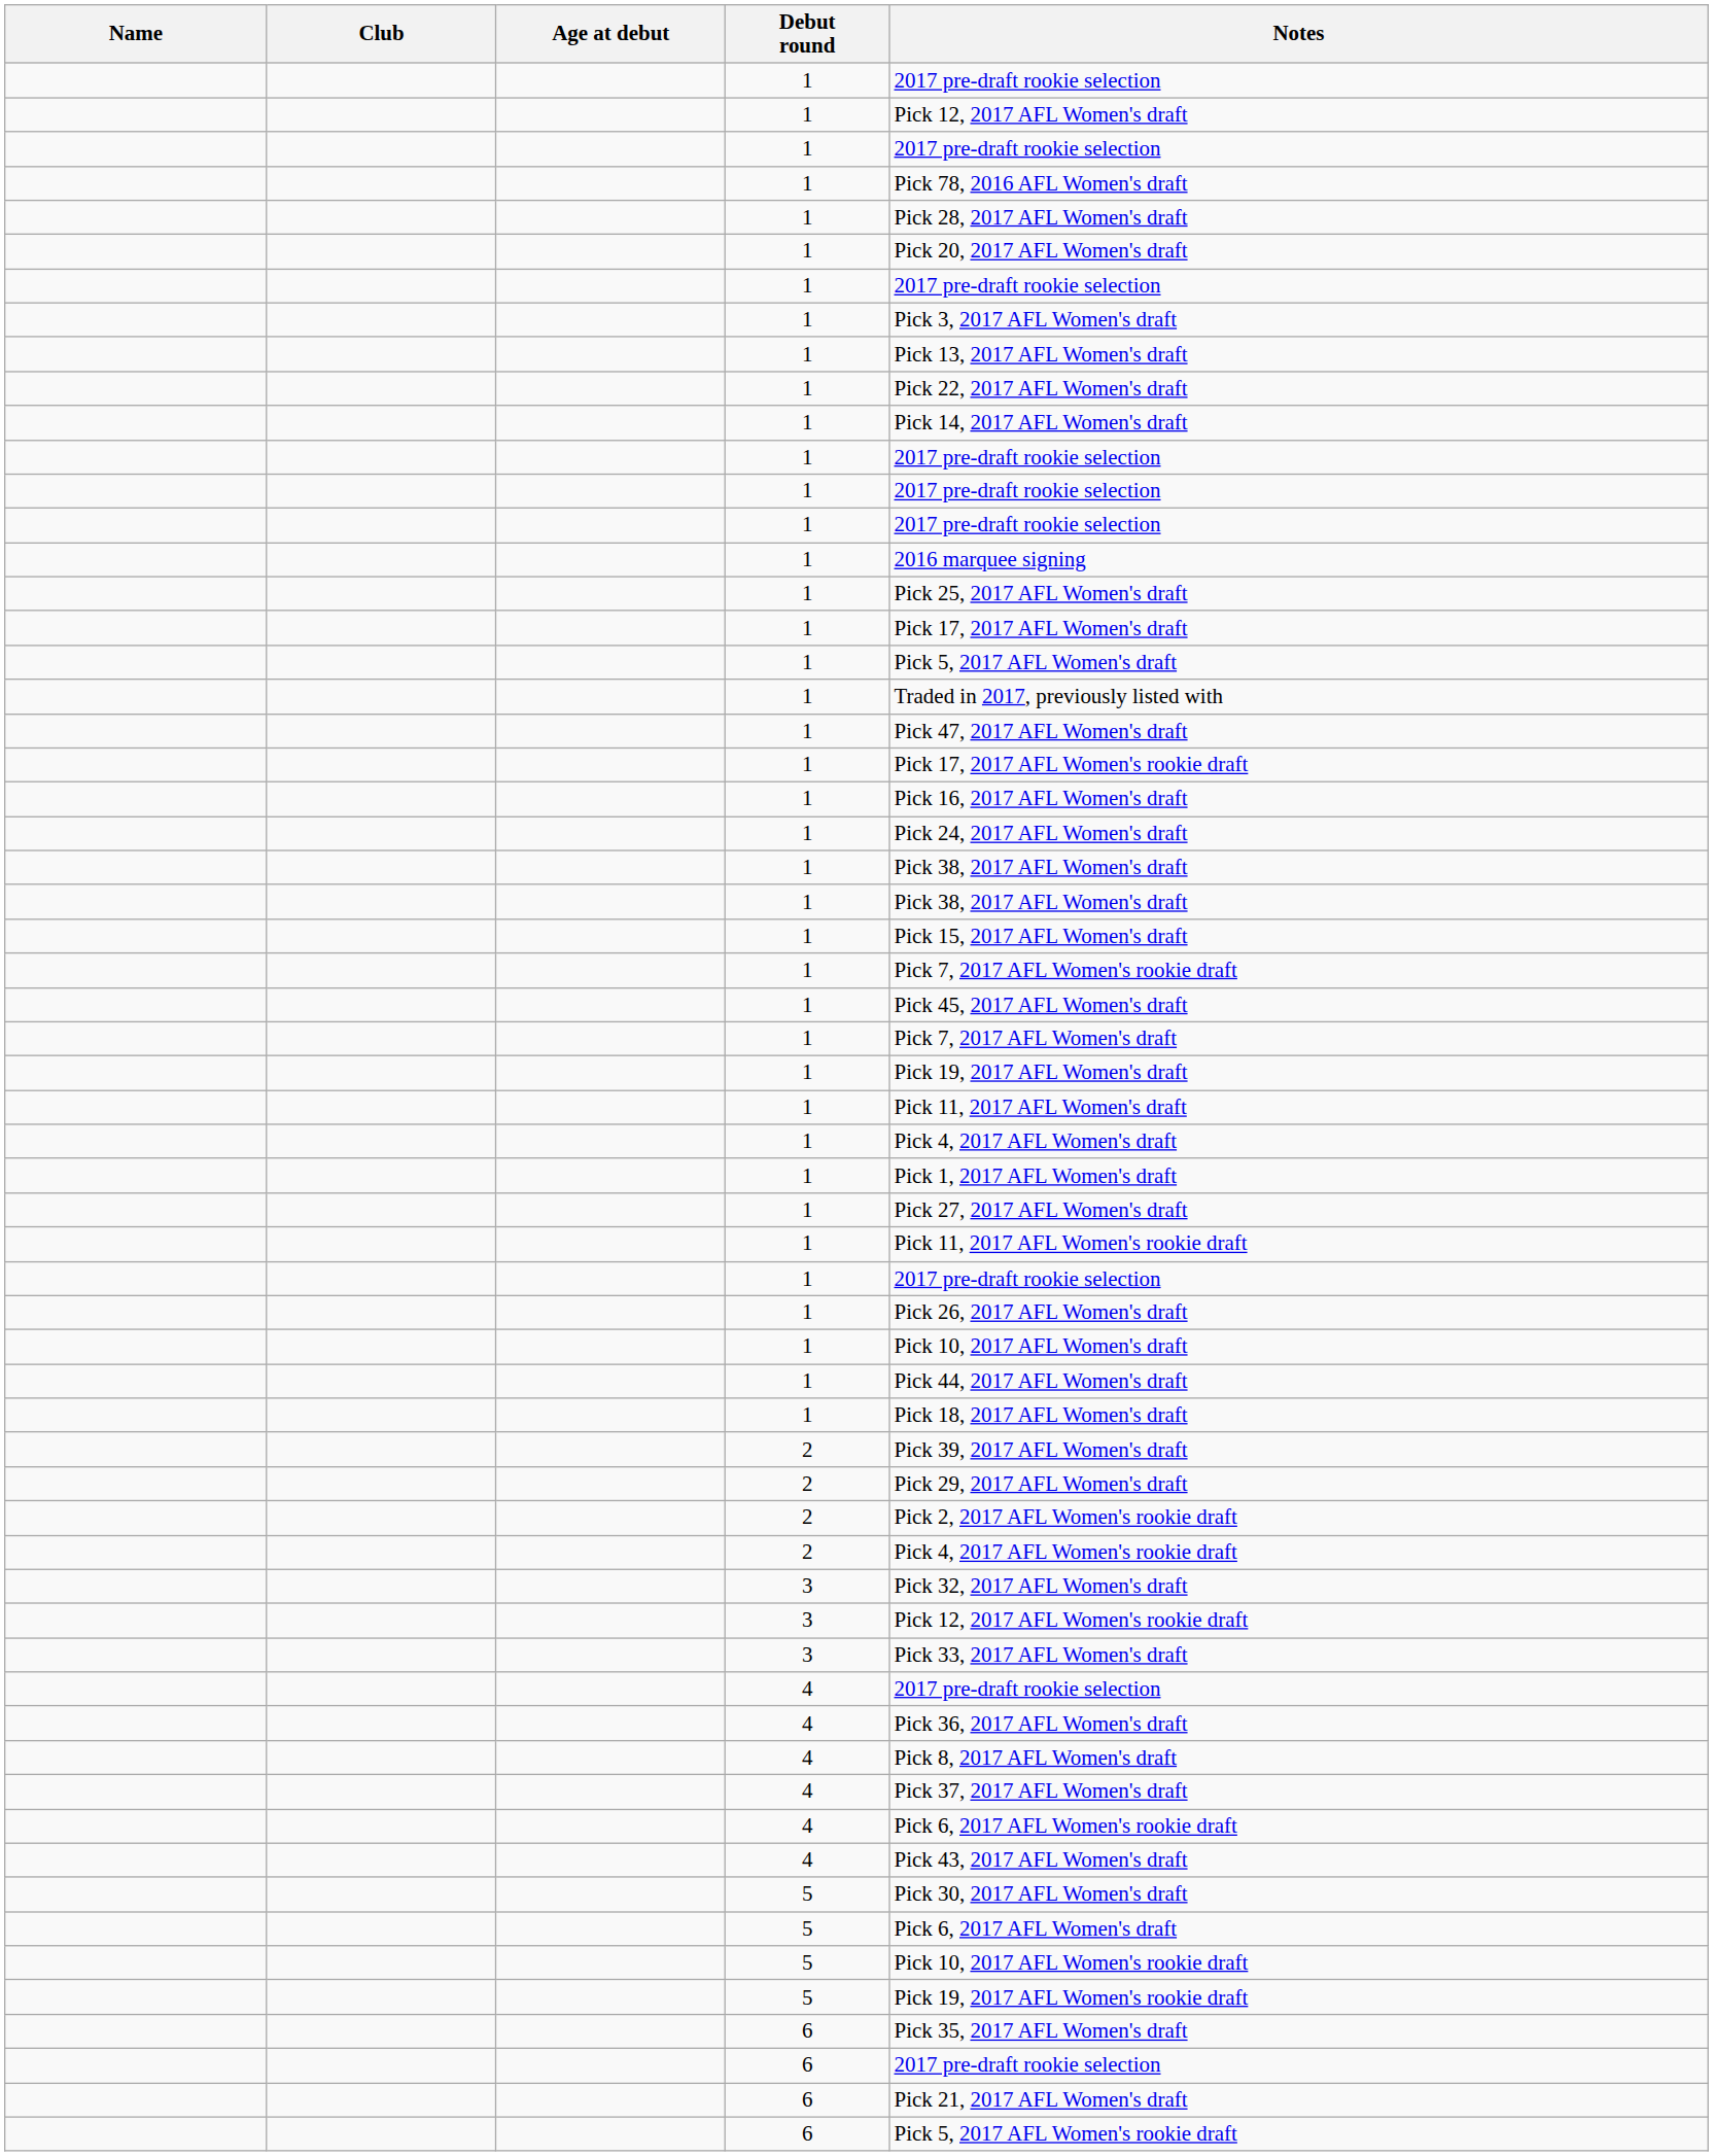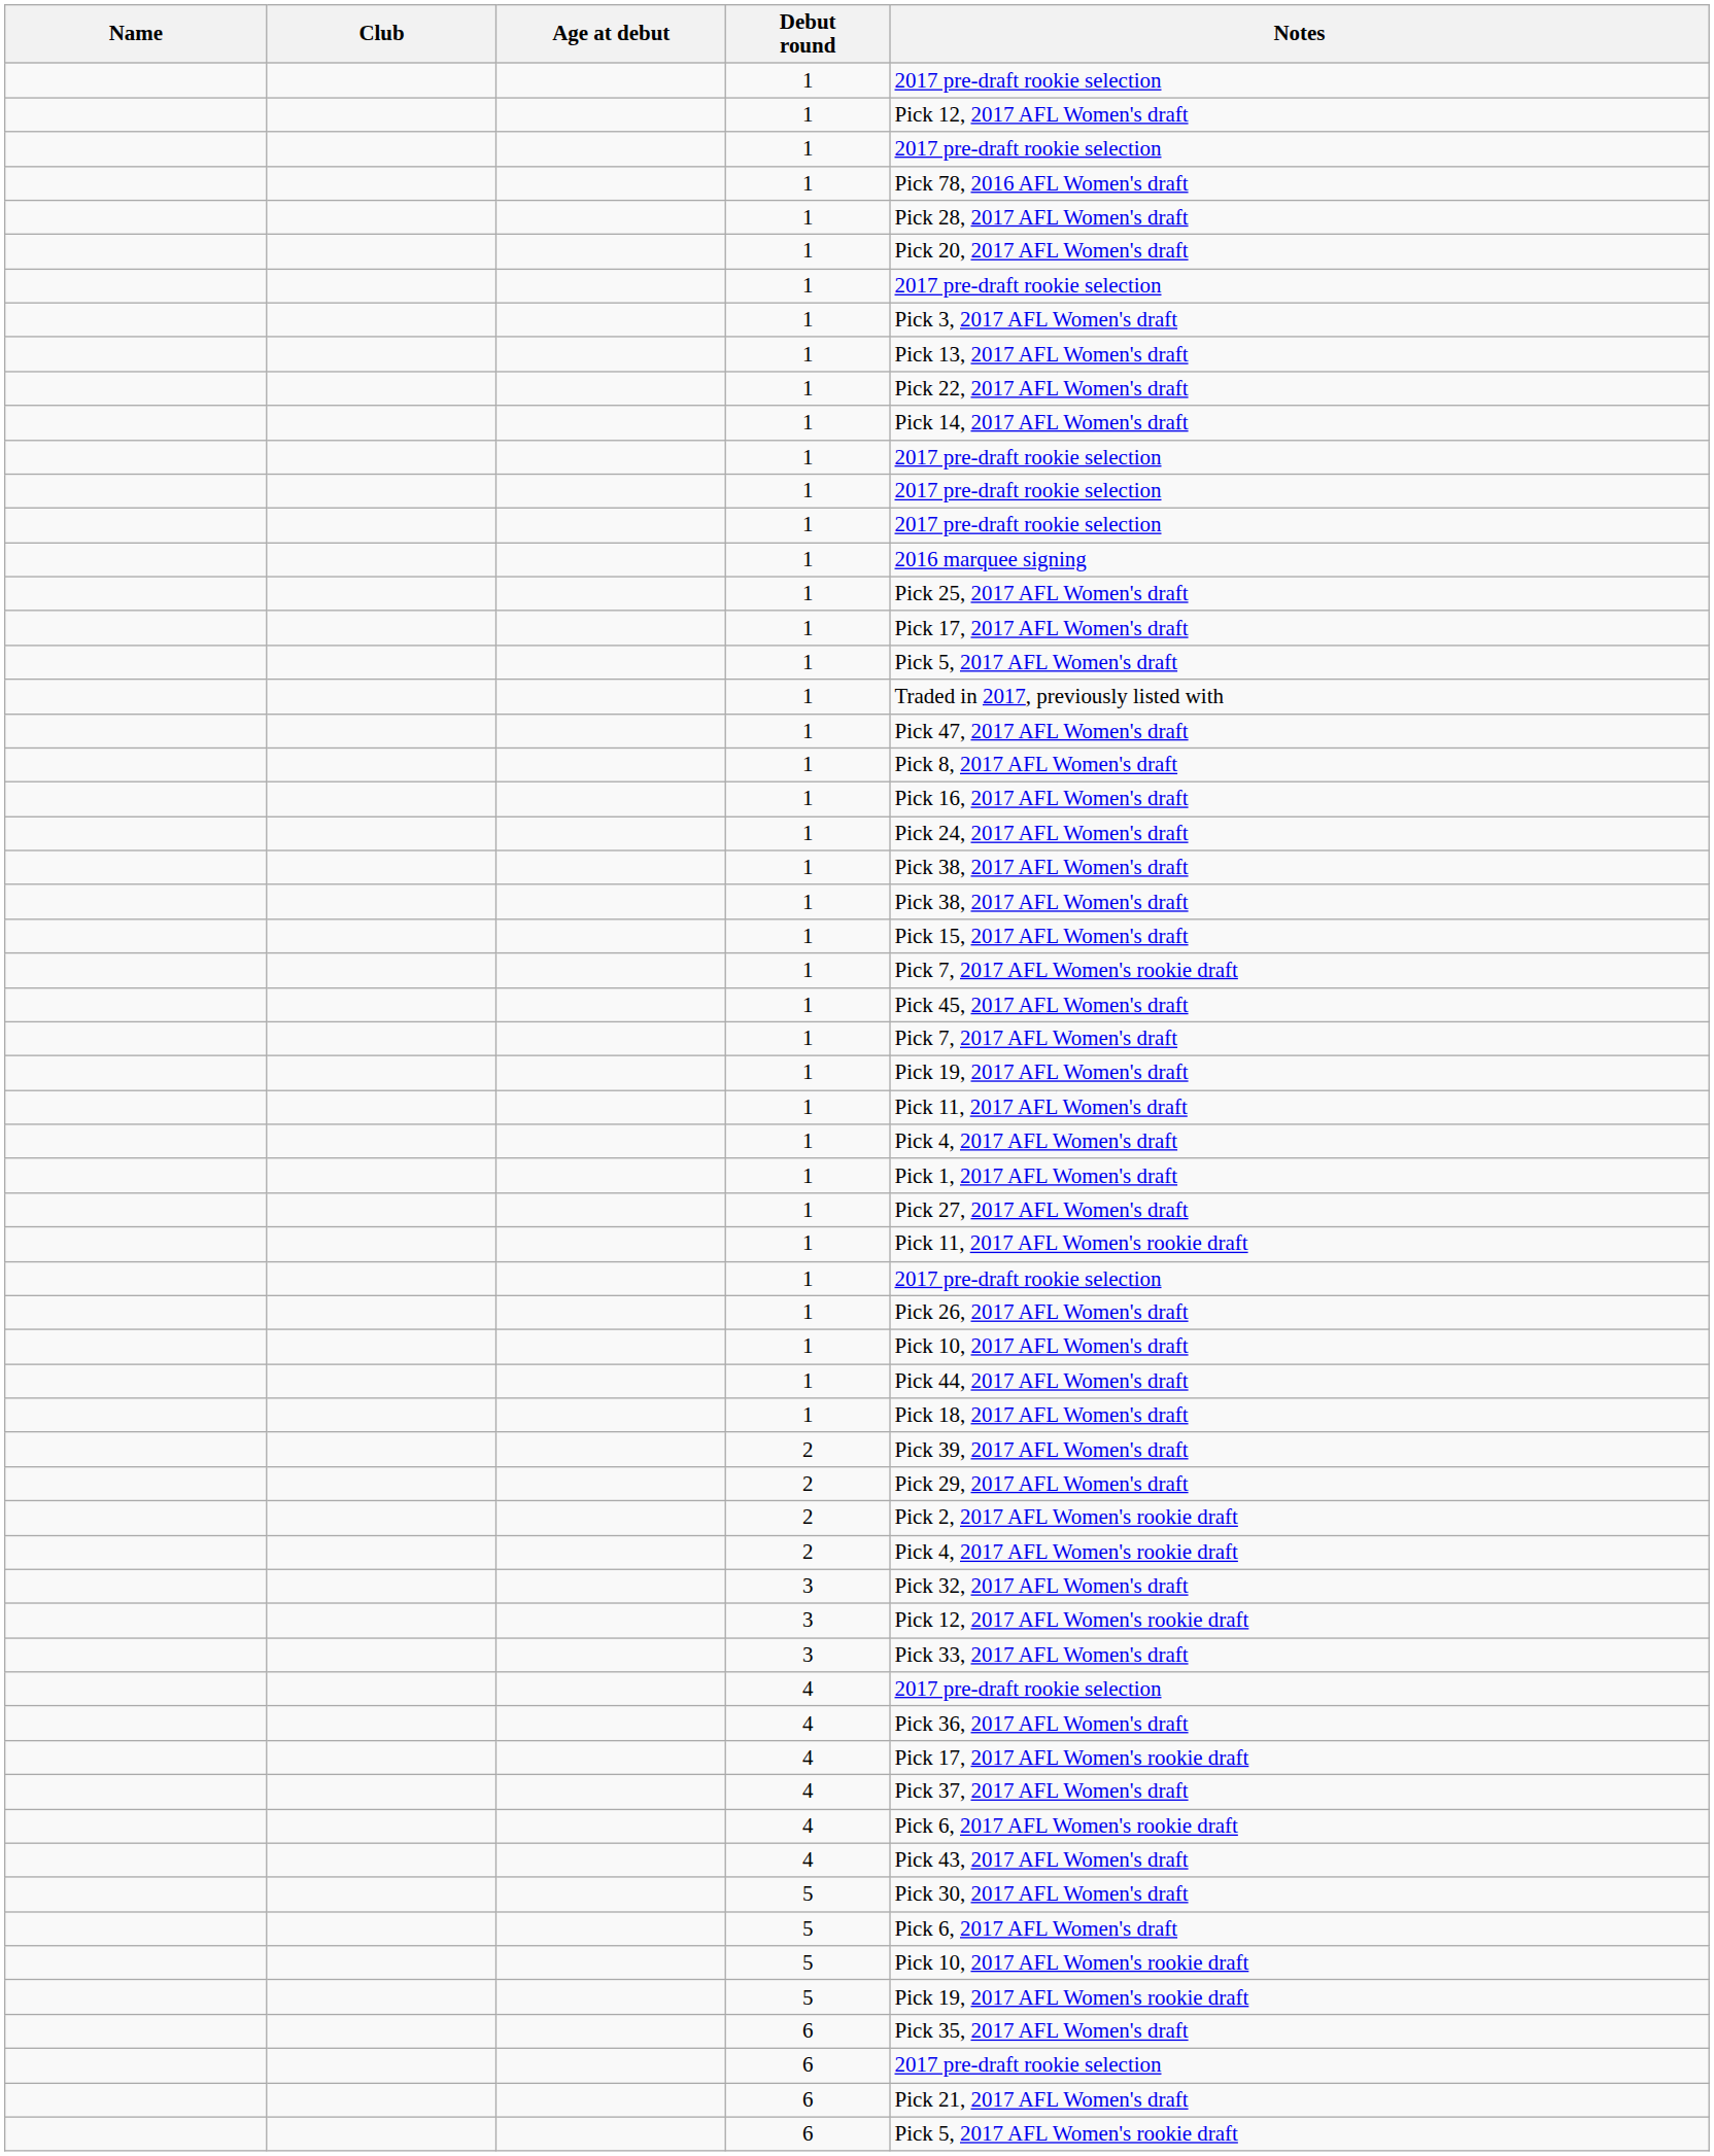 <table class="wikitable sortable" style="width:100%; text-align: center;">
 <tr style="background:#efefef;">
 <th style="width:8%;">Name</th>
 <th width=7%>Club</th>
 <th style="width:7%;">Age at debut</th>
 <th data-sort-type="number" width=5%>Debut<br>round  </th>
 <th style="width:25%;">Notes</th>
 </tr>
 <tr>
 <td align="left"></td>
 <td></td>
 <td></td>
 <td>1</td>
 <td align="left"><a href='#'>2017 pre-draft rookie selection</a></td>
 </tr>
 <tr>
 <td align="left"></td>
 <td></td>
 <td></td>
 <td>1</td>
 <td align="left">Pick 12, <a href='#'>2017 AFL Women's draft</a></td>
 </tr>
 <tr>
 <td align="left"></td>
 <td></td>
 <td></td>
 <td>1</td>
 <td align="left"><a href='#'>2017 pre-draft rookie selection</a></td>
 </tr>
 <tr>
 <td align="left"></td>
 <td></td>
 <td></td>
 <td>1</td>
 <td align="left">Pick 78, <a href='#'>2016 AFL Women's draft</a></td>
 </tr>
 <tr>
 <td align="left"></td>
 <td></td>
 <td></td>
 <td>1</td>
 <td align="left">Pick 28, <a href='#'>2017 AFL Women's draft</a></td>
 </tr>
 <tr>
 <td align="left"></td>
 <td></td>
 <td></td>
 <td>1</td>
 <td align="left">Pick 20, <a href='#'>2017 AFL Women's draft</a></td>
 </tr>
 <tr>
 <td align="left"></td>
 <td></td>
 <td></td>
 <td>1</td>
 <td align="left"><a href='#'>2017 pre-draft rookie selection</a></td>
 </tr>
 <tr>
 <td align="left"></td>
 <td></td>
 <td></td>
 <td>1</td>
 <td align="left">Pick 3, <a href='#'>2017 AFL Women's draft</a></td>
 </tr>
 <tr>
 <td align="left"></td>
 <td></td>
 <td></td>
 <td>1</td>
 <td align="left">Pick 13, <a href='#'>2017 AFL Women's draft</a></td>
 </tr>
 <tr>
 <td align="left"></td>
 <td></td>
 <td></td>
 <td>1</td>
 <td align="left">Pick 22, <a href='#'>2017 AFL Women's draft</a></td>
 </tr>
 <tr>
 <td align="left"></td>
 <td></td>
 <td></td>
 <td>1</td>
 <td align="left">Pick 14, <a href='#'>2017 AFL Women's draft</a></td>
 </tr>
 <tr>
 <td align="left"></td>
 <td></td>
 <td></td>
 <td>1</td>
 <td align="left"><a href='#'>2017 pre-draft rookie selection</a></td>
 </tr>
 <tr>
 <td align="left"></td>
 <td></td>
 <td></td>
 <td>1</td>
 <td align="left"><a href='#'>2017 pre-draft rookie selection</a></td>
 </tr>
 <tr>
 <td align="left"></td>
 <td></td>
 <td></td>
 <td>1</td>
 <td align="left"><a href='#'>2017 pre-draft rookie selection</a></td>
 </tr>
 <tr>
 <td align="left"></td>
 <td></td>
 <td></td>
 <td>1</td>
 <td align="left"><a href='#'>2016 marquee signing</a></td>
 </tr>
 <tr>
 <td align="left"></td>
 <td></td>
 <td></td>
 <td>1</td>
 <td align="left">Pick 25, <a href='#'>2017 AFL Women's draft</a></td>
 </tr>
 <tr>
 <td align="left"></td>
 <td></td>
 <td></td>
 <td>1</td>
 <td align="left">Pick 17, <a href='#'>2017 AFL Women's draft</a></td>
 </tr>
 <tr>
 <td align="left"></td>
 <td></td>
 <td></td>
 <td>1</td>
 <td align="left">Pick 5, <a href='#'>2017 AFL Women's draft</a></td>
 </tr>
 <tr>
 <td align="left"></td>
 <td></td>
 <td></td>
 <td>1</td>
 <td align="left">Traded in <a href='#'>2017</a>, previously listed with </td>
 </tr>
 <tr>
 <td align="left"></td>
 <td></td>
 <td></td>
 <td>1</td>
 <td align="left">Pick 47, <a href='#'>2017 AFL Women's draft</a></td>
 </tr>
 <tr>
 <td align="left"></td>
 <td></td>
 <td></td>
 <td>1</td>
-<td align="left">Pick 17, <a href='#'>2017 AFL Women's rookie draft</a></td>
+<td align="left">Pick 8, <a href='#'>2017 AFL Women's draft</a></td>
 </tr>
 <tr>
 <td align="left"></td>
 <td></td>
 <td></td>
 <td>1</td>
 <td align="left">Pick 16, <a href='#'>2017 AFL Women's draft</a></td>
 </tr>
 <tr>
 <td align="left"></td>
 <td></td>
 <td></td>
 <td>1</td>
 <td align="left">Pick 24, <a href='#'>2017 AFL Women's draft</a></td>
 </tr>
 <tr>
 <td align="left"></td>
 <td></td>
 <td></td>
 <td>1</td>
 <td align="left">Pick 38, <a href='#'>2017 AFL Women's draft</a></td>
 </tr>
 <tr>
 <td align="left"></td>
 <td></td>
 <td></td>
 <td>1</td>
 <td align="left">Pick 38, <a href='#'>2017 AFL Women's draft</a></td>
 </tr>
 <tr>
 <td align="left"></td>
 <td></td>
 <td></td>
 <td>1</td>
 <td align="left">Pick 15, <a href='#'>2017 AFL Women's draft</a></td>
 </tr>
 <tr>
 <td align="left"></td>
 <td></td>
 <td></td>
 <td>1</td>
 <td align="left">Pick 7, <a href='#'>2017 AFL Women's rookie draft</a></td>
 </tr>
 <tr>
 <td align="left"></td>
 <td></td>
 <td></td>
 <td>1</td>
 <td align="left">Pick 45, <a href='#'>2017 AFL Women's draft</a></td>
 </tr>
 <tr>
 <td align="left"></td>
 <td></td>
 <td></td>
 <td>1</td>
 <td align="left">Pick 7, <a href='#'>2017 AFL Women's draft</a></td>
 </tr>
 <tr>
 <td align="left"></td>
 <td></td>
 <td></td>
 <td>1</td>
 <td align="left">Pick 19, <a href='#'>2017 AFL Women's draft</a></td>
 </tr>
 <tr>
 <td align="left"></td>
 <td></td>
 <td></td>
 <td>1</td>
 <td align="left">Pick 11, <a href='#'>2017 AFL Women's draft</a></td>
 </tr>
 <tr>
 <td align="left"></td>
 <td></td>
 <td></td>
 <td>1</td>
 <td align="left">Pick 4, <a href='#'>2017 AFL Women's draft</a></td>
 </tr>
 <tr>
 <td align="left"></td>
 <td></td>
 <td></td>
 <td>1</td>
 <td align="left">Pick 1, <a href='#'>2017 AFL Women's draft</a></td>
 </tr>
 <tr>
 <td align="left"></td>
 <td></td>
 <td></td>
 <td>1</td>
 <td align="left">Pick 27, <a href='#'>2017 AFL Women's draft</a></td>
 </tr>
 <tr>
 <td align="left"></td>
 <td></td>
 <td></td>
 <td>1</td>
 <td align="left">Pick 11, <a href='#'>2017 AFL Women's rookie draft</a></td>
 </tr>
 <tr>
 <td align="left"></td>
 <td></td>
 <td></td>
 <td>1</td>
 <td align="left"><a href='#'>2017 pre-draft rookie selection</a></td>
 </tr>
 <tr>
 <td align="left"></td>
 <td></td>
 <td></td>
 <td>1</td>
 <td align="left">Pick 26, <a href='#'>2017 AFL Women's draft</a></td>
 </tr>
 <tr>
 <td align="left"></td>
 <td></td>
 <td></td>
 <td>1</td>
 <td align="left">Pick 10, <a href='#'>2017 AFL Women's draft</a></td>
 </tr>
 <tr>
 <td align="left"></td>
 <td></td>
 <td></td>
 <td>1</td>
 <td align="left">Pick 44, <a href='#'>2017 AFL Women's draft</a></td>
 </tr>
 <tr>
 <td align="left"></td>
 <td></td>
 <td></td>
 <td>1</td>
 <td align="left">Pick 18, <a href='#'>2017 AFL Women's draft</a></td>
 </tr>
 <tr>
 <td align="left"></td>
 <td></td>
 <td></td>
 <td>2</td>
 <td align="left">Pick 39, <a href='#'>2017 AFL Women's draft</a></td>
 </tr>
 <tr>
 <td align="left"></td>
 <td></td>
 <td></td>
 <td>2</td>
 <td align="left">Pick 29, <a href='#'>2017 AFL Women's draft</a></td>
 </tr>
 <tr>
 <td align="left"></td>
 <td></td>
 <td></td>
 <td>2</td>
 <td align="left">Pick 2, <a href='#'>2017 AFL Women's rookie draft</a></td>
 </tr>
 <tr>
 <td align="left"></td>
 <td></td>
 <td></td>
 <td>2</td>
 <td align="left">Pick 4, <a href='#'>2017 AFL Women's rookie draft</a></td>
 </tr>
 <tr>
 <td align="left"></td>
 <td></td>
 <td></td>
 <td>3</td>
 <td align="left">Pick 32, <a href='#'>2017 AFL Women's draft</a></td>
 </tr>
 <tr>
 <td align="left"></td>
 <td></td>
 <td></td>
 <td>3</td>
 <td align="left">Pick 12, <a href='#'>2017 AFL Women's rookie draft</a></td>
 </tr>
 <tr>
 <td align="left"></td>
 <td></td>
 <td></td>
 <td>3</td>
 <td align="left">Pick 33, <a href='#'>2017 AFL Women's draft</a></td>
 </tr>
 <tr>
 <td align="left"></td>
 <td></td>
 <td></td>
 <td>4</td>
 <td align="left"><a href='#'>2017 pre-draft rookie selection</a></td>
 </tr>
 <tr>
 <td align="left"></td>
 <td></td>
 <td></td>
 <td>4</td>
 <td align="left">Pick 36, <a href='#'>2017 AFL Women's draft</a></td>
 </tr>
 <tr>
 <td align="left"></td>
 <td></td>
 <td></td>
 <td>4</td>
-<td align="left">Pick 8, <a href='#'>2017 AFL Women's draft</a></td>
+<td align="left">Pick 17, <a href='#'>2017 AFL Women's rookie draft</a></td>
 </tr>
 <tr>
 <td align="left"></td>
 <td></td>
 <td></td>
 <td>4</td>
 <td align="left">Pick 37, <a href='#'>2017 AFL Women's draft</a></td>
 </tr>
 <tr>
 <td align="left"></td>
 <td></td>
 <td></td>
 <td>4</td>
 <td align="left">Pick 6, <a href='#'>2017 AFL Women's rookie draft</a></td>
 </tr>
 <tr>
 <td align="left"></td>
 <td></td>
 <td></td>
 <td>4</td>
 <td align="left">Pick 43, <a href='#'>2017 AFL Women's draft</a></td>
 </tr>
 <tr>
 <td align="left"></td>
 <td></td>
 <td></td>
 <td>5</td>
 <td align="left">Pick 30, <a href='#'>2017 AFL Women's draft</a></td>
 </tr>
 <tr>
 <td align="left"></td>
 <td></td>
 <td></td>
 <td>5</td>
 <td align="left">Pick 6, <a href='#'>2017 AFL Women's draft</a></td>
 </tr>
 <tr>
 <td align="left"></td>
 <td></td>
 <td></td>
 <td>5</td>
 <td align="left">Pick 10, <a href='#'>2017 AFL Women's rookie draft</a></td>
 </tr>
 <tr>
 <td align="left"></td>
 <td></td>
 <td></td>
 <td>5</td>
 <td align="left">Pick 19, <a href='#'>2017 AFL Women's rookie draft</a></td>
 </tr>
 <tr>
 <td align="left"></td>
 <td></td>
 <td></td>
 <td>6</td>
 <td align="left">Pick 35, <a href='#'>2017 AFL Women's draft</a></td>
 </tr>
 <tr>
 <td align="left"></td>
 <td></td>
 <td></td>
 <td>6</td>
 <td align="left"><a href='#'>2017 pre-draft rookie selection</a></td>
 </tr>
 <tr>
 <td align="left"></td>
 <td></td>
 <td></td>
 <td>6</td>
 <td align="left">Pick 21, <a href='#'>2017 AFL Women's draft</a></td>
 </tr>
 <tr>
 <td align="left"></td>
 <td></td>
 <td></td>
 <td>6</td>
 <td align="left">Pick 5, <a href='#'>2017 AFL Women's rookie draft</a></td>
 </tr>
 </table>
